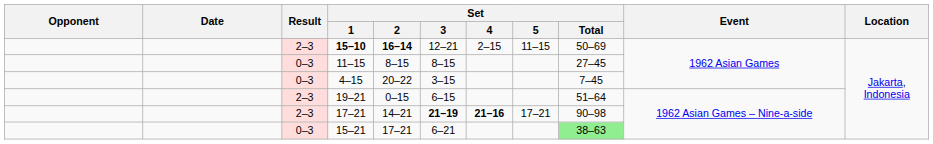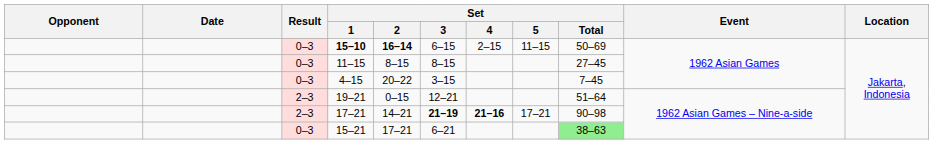 <table class="wikitable" style="font-size: 90%">
 <tr>
 <th rowspan=2 width=15%>Opponent</th>
 <th rowspan=2 width=15%>Date</th>
 <th rowspan=2 width=5%>Result</th>
 <th colspan=6>Set</th>
 <th rowspan=2 width=24%>Event</th>
 <th rowspan=2 width=16%>Location</th>
 </tr>
 <tr>
 <th width=5%>1</th>
 <th width=5%>2</th>
 <th width=5%>3</th>
 <th width=5%>4</th>
 <th width=5%>5</th>
 <th width=7%>Total</th>
 </tr>
 <tr style="text-align:center;">
 <td style="text-align:left;"></td>
 <td></td>
-<td style="background:#ffdddd;">2–3</td>
+<td style="background:#ffdddd;">0–3</td>
 <td><strong>15–10</strong></td>
 <td><strong>16–14</strong></td>
-<td>12–21</td>
+<td>6–15</td>
 <td>2–15</td>
 <td>11–15</td>
 <td>50–69</td>
 <td rowspan=3><a href='#'>1962 Asian Games</a></td>
 <td rowspan=6><a href='#'>Jakarta</a>, <a href='#'>Indonesia</a></td>
 </tr>
 <tr style="text-align:center;">
 <td style="text-align:left;"></td>
 <td></td>
 <td style="background:#ffdddd;">0–3</td>
 <td>11–15</td>
 <td>8–15</td>
 <td>8–15</td>
 <td></td>
 <td></td>
 <td>27–45</td>
 </tr>
 <tr style="text-align:center;">
 <td style="text-align:left;"></td>
 <td></td>
 <td style="background:#ffdddd;">0–3</td>
 <td>4–15</td>
 <td>20–22</td>
 <td>3–15</td>
 <td></td>
 <td></td>
 <td>7–45</td>
 </tr>
 <tr style="text-align:center;">
 <td style="text-align:left;"></td>
 <td></td>
 <td style="background:#ffdddd;">2–3</td>
 <td>19–21</td>
 <td>0–15</td>
-<td>6–15</td>
+<td>12–21</td>
 <td></td>
 <td></td>
 <td>51–64</td>
 <td rowspan=3><a href='#'>1962 Asian Games – Nine-a-side</a></td>
 </tr>
 <tr style="text-align:center;">
 <td style="text-align:left;"></td>
 <td></td>
 <td style="background:#ffdddd;">2–3</td>
 <td>17–21</td>
 <td>14–21</td>
 <td><strong>21–19</strong></td>
 <td><strong>21–16</strong></td>
 <td>17–21</td>
 <td>90–98</td>
 </tr>
 <tr style="text-align:center;">
 <td style="text-align:left;"></td>
 <td></td>
 <td style="background:#ffdddd;">0–3</td>
 <td>15–21</td>
 <td>17–21</td>
 <td>6–21</td>
 <td></td>
 <td></td>
 <td style="background: lightgreen;">38–63</td>
 </tr>
 </table>
